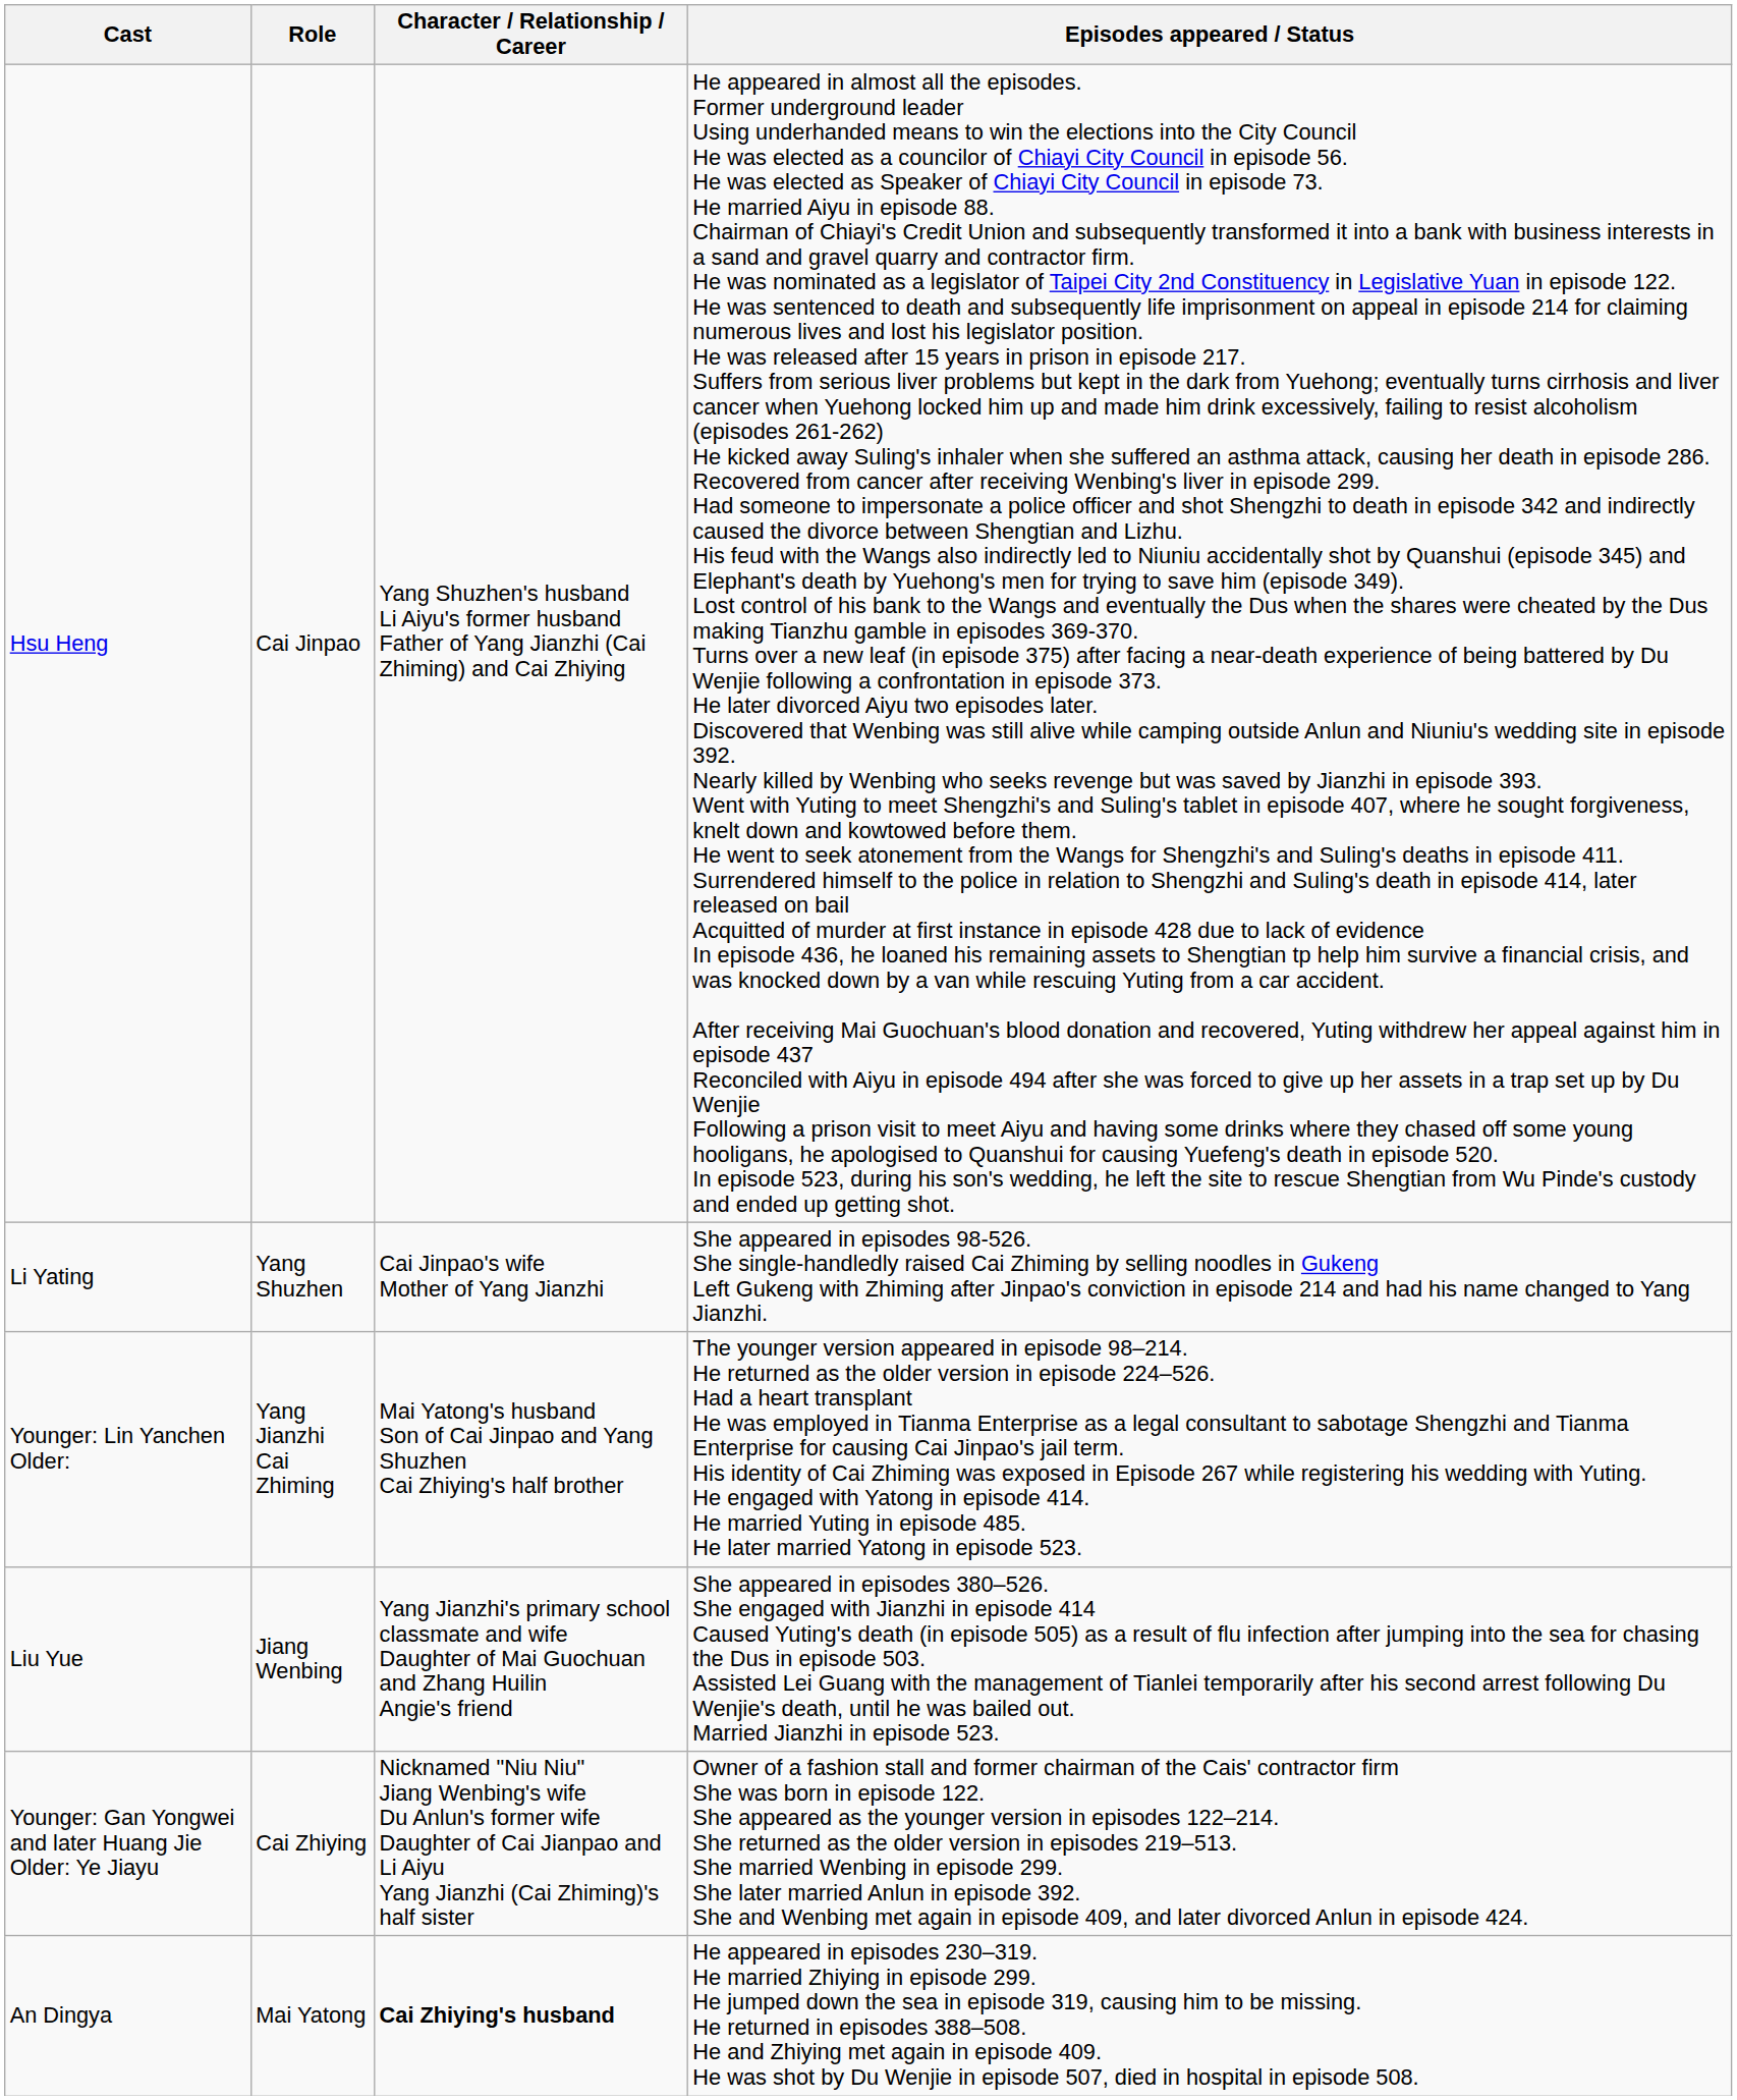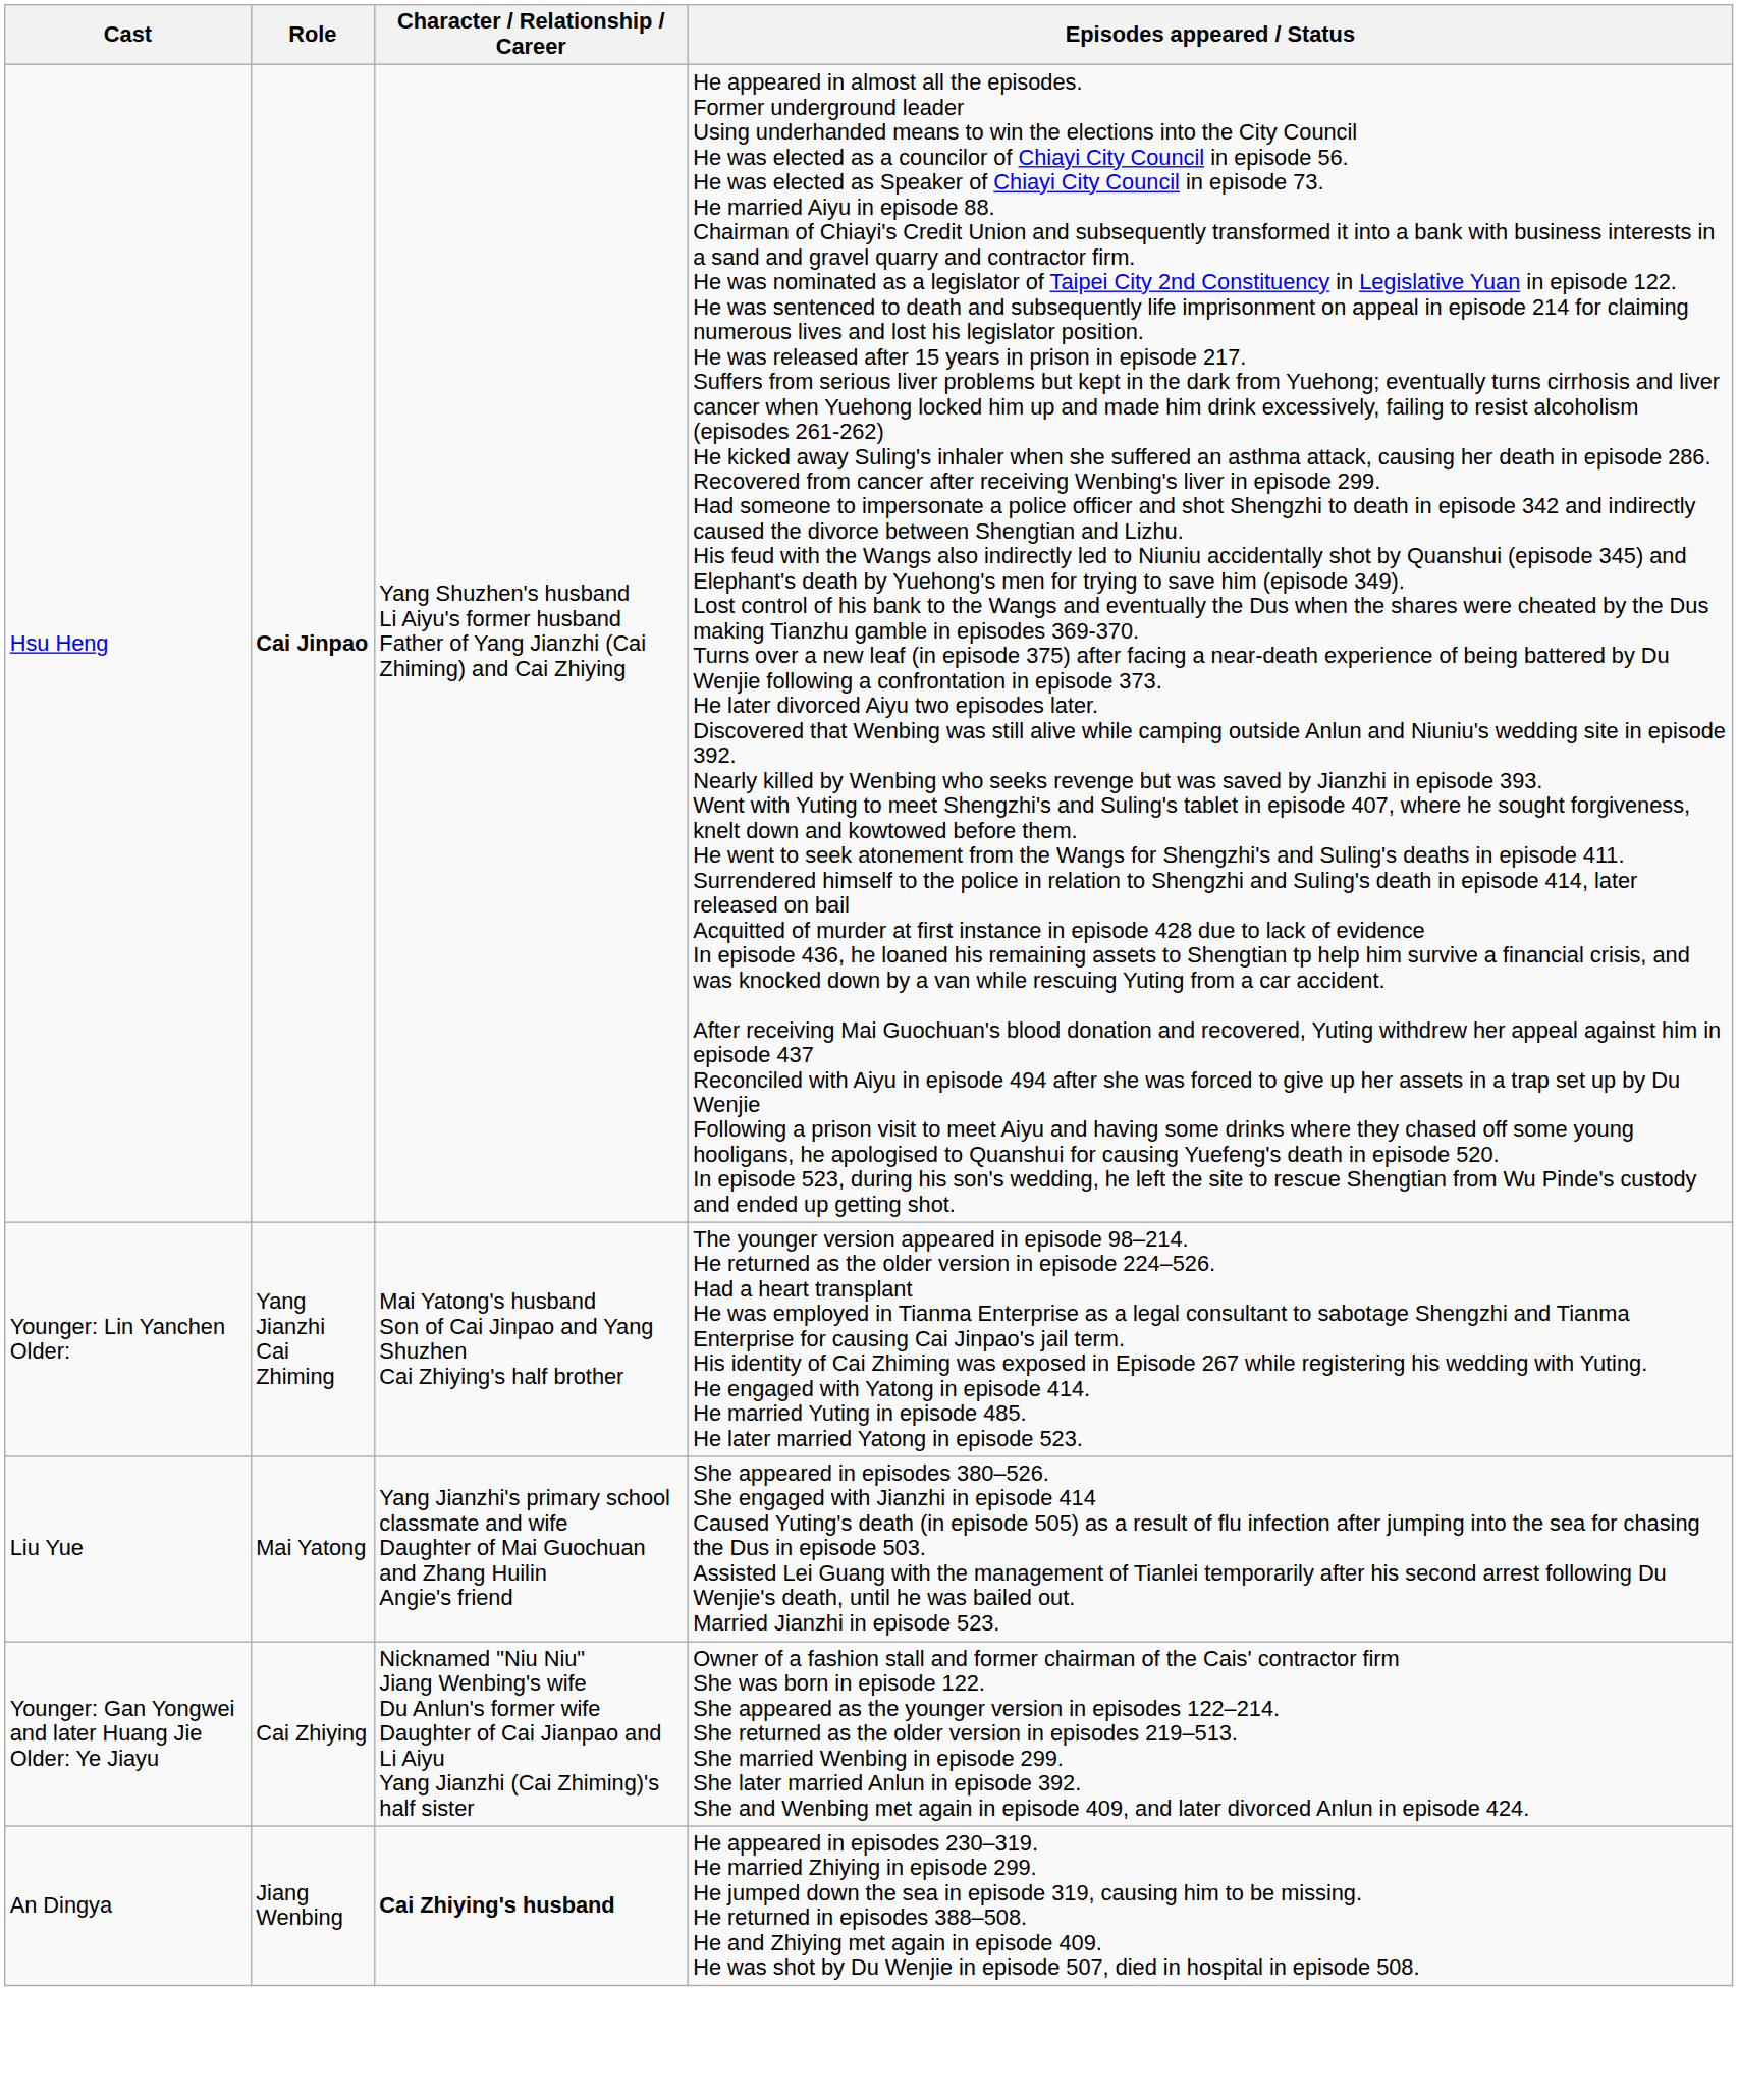 <table class="wikitable">
 <tr>
 <th>Cast</th>
 <th>Role</th>
 <th>Character / Relationship / Career</th>
 <th>Episodes appeared / Status</th>
 </tr>
 <tr>
 <td><a href='#'>Hsu Heng</a></td>
-<td>Cai Jinpao</td>
+<td><strong>Cai Jinpao</strong></td>
 <td>Yang Shuzhen's husband <br> Li Aiyu's former husband <br> Father of Yang Jianzhi (Cai Zhiming) and Cai Zhiying<br><br></td>
 <td>He appeared in almost all the episodes.<br>Former underground leader<br>Using underhanded means to win the elections into the City Council<br>He was elected as a councilor of <a href='#'>Chiayi City Council</a> in episode 56.<br>He was elected as Speaker of <a href='#'>Chiayi City Council</a> in episode 73.<br> He married Aiyu in episode 88.<br>Chairman of Chiayi's Credit Union and subsequently transformed it into a bank with business interests in a sand and gravel quarry and contractor firm.<br> He was nominated as a legislator of <a href='#'>Taipei City 2nd Constituency</a> in <a href='#'>Legislative Yuan</a> in episode 122.<br> He was sentenced to death and subsequently life imprisonment on appeal in episode 214 for claiming numerous lives and lost his legislator position.<br>He was released after 15 years in prison in episode 217.<br>Suffers from serious liver problems but kept in the dark from Yuehong; eventually turns cirrhosis and liver cancer when Yuehong locked him up and made him drink excessively, failing to resist alcoholism (episodes 261-262)<br>He kicked away Suling's inhaler when she suffered an asthma attack, causing her death in episode 286.<br>Recovered from cancer after receiving Wenbing's liver in episode 299.<br>Had someone to impersonate a police officer and shot Shengzhi to death in episode 342 and indirectly caused the divorce between Shengtian and Lizhu.<br>His feud with the Wangs also indirectly led to Niuniu accidentally shot by Quanshui (episode 345) and Elephant's death by Yuehong's men for trying to save him (episode 349).<br>Lost control of his bank to the Wangs and eventually the Dus when the shares were cheated by the Dus making Tianzhu gamble in episodes 369-370.<br>Turns over a new leaf (in episode 375) after facing a near-death experience of being battered by Du Wenjie following a confrontation in episode 373. <br>He later divorced Aiyu two episodes later. <br> Discovered that Wenbing was still alive while camping outside Anlun and Niuniu's wedding site in episode 392.<br> Nearly killed by Wenbing who seeks revenge but was saved by Jianzhi in episode 393. <br> Went with Yuting to meet Shengzhi's and Suling's tablet in episode 407, where he sought forgiveness, knelt down and kowtowed before them.<br>He went to seek atonement from the Wangs for Shengzhi's and Suling's deaths in episode 411. <br> Surrendered himself to the police in relation to Shengzhi and Suling's death in episode 414, later released on bail<br>Acquitted of murder at first instance in episode 428 due to lack of evidence<br>In episode 436, he loaned his remaining assets to Shengtian tp help him survive a financial crisis, and was knocked down by a van while rescuing Yuting from a car accident.<br><br>After receiving Mai Guochuan's blood donation and recovered, Yuting withdrew her appeal against him in episode 437 <br> Reconciled with Aiyu in episode 494 after she was forced to give up her assets in a trap set up by Du Wenjie <br>Following a prison visit to meet Aiyu and having some drinks where they chased off some young hooligans, he apologised to Quanshui for causing Yuefeng's death in episode 520.  <br>In episode 523, during his son's wedding, he left the site to rescue Shengtian from Wu Pinde's custody and ended up getting shot.</td>
-</tr>
-<tr>
-<td>Li Yating</td>
-<td>Yang Shuzhen</td>
-<td>Cai Jinpao's wife <br> Mother of Yang Jianzhi</td>
-<td>She appeared in episodes 98-526.<br>She single-handledly raised Cai Zhiming by selling noodles in <a href='#'>Gukeng</a><br>Left Gukeng with Zhiming after Jinpao's conviction in episode 214 and had his name changed to Yang Jianzhi.</td>
 </tr>
 <tr>
 <td>Younger: Lin Yanchen <br> Older: </td>
 <td>Yang Jianzhi <br> Cai Zhiming</td>
 <td>Mai Yatong's husband <br> Son of Cai Jinpao and Yang Shuzhen <br> Cai Zhiying's half brother</td>
 <td>The younger version appeared in episode 98–214.<br>He returned as the older version in episode 224–526.<br>Had a heart transplant<br>He was employed in Tianma Enterprise as a legal consultant to sabotage Shengzhi and Tianma Enterprise for causing Cai Jinpao's jail term.<br>His identity of Cai Zhiming was exposed in Episode 267 while registering his wedding with Yuting. <br>He engaged with Yatong in episode 414. <br>He married Yuting in episode 485. <br>He later married Yatong in episode 523.</td>
 </tr>
 <tr>
 <td>Liu Yue</td>
-<td>Jiang Wenbing</td>
+<td>Mai Yatong</td>
 <td>Yang Jianzhi's primary school classmate and wife <br> Daughter of Mai Guochuan and Zhang Huilin <br> Angie's friend</td>
 <td>She appeared in episodes 380–526. <br> She engaged with Jianzhi in episode 414 <br> Caused Yuting's death (in episode 505) as a result of flu infection after jumping into the sea for chasing the Dus in episode 503. <br> Assisted Lei Guang with the management of Tianlei temporarily after his second arrest following Du Wenjie's death, until he was bailed out.<br>Married Jianzhi in episode 523.</td>
 </tr>
 <tr>
 <td>Younger: Gan Yongwei and later Huang Jie <br> Older: Ye Jiayu</td>
 <td>Cai Zhiying</td>
 <td>Nicknamed "Niu Niu" <br> Jiang Wenbing's wife <br> Du Anlun's former wife <br> Daughter of Cai Jianpao and Li Aiyu <br> Yang Jianzhi (Cai Zhiming)'s half sister</td>
 <td>Owner of a fashion stall and former chairman of the Cais' contractor firm<br>She was born in episode 122. <br> She appeared as the younger version in episodes 122–214. <br> She returned as the older version in episodes 219–513. <br> She married Wenbing in episode 299. <br> She later married Anlun in episode 392. <br> She and Wenbing met again in episode 409, and later divorced Anlun in episode 424. <br></td>
 </tr>
 <tr>
 <td>An Dingya</td>
-<td>Mai Yatong</td>
+<td>Jiang Wenbing</td>
 <td><strong>Cai Zhiying's husband</strong></td>
 <td>He appeared in episodes 230–319. <br> He married Zhiying in episode 299. <br> He jumped down the sea in episode 319, causing him to be missing. <br> He returned in episodes 388–508. <br> He and Zhiying met again in episode 409. <br> He was shot by Du Wenjie in episode 507, died in hospital in episode 508.</td>
 </tr>
 </table>
